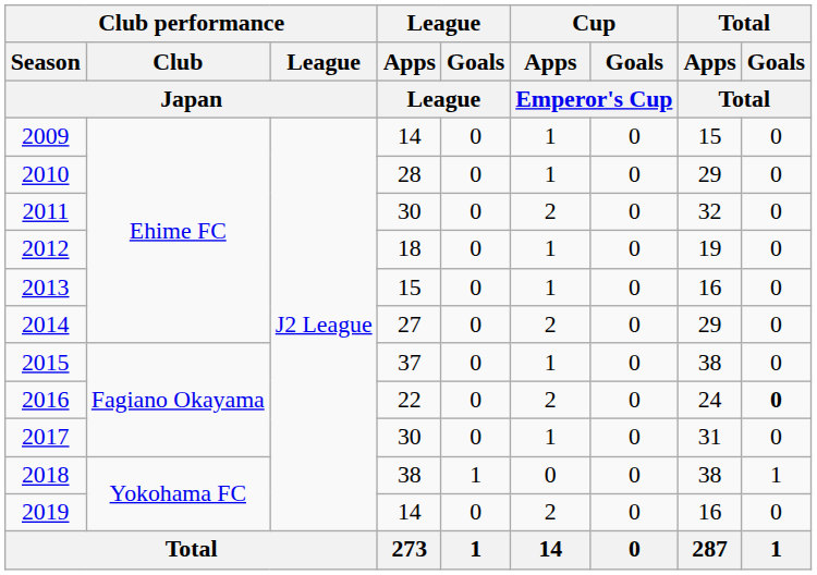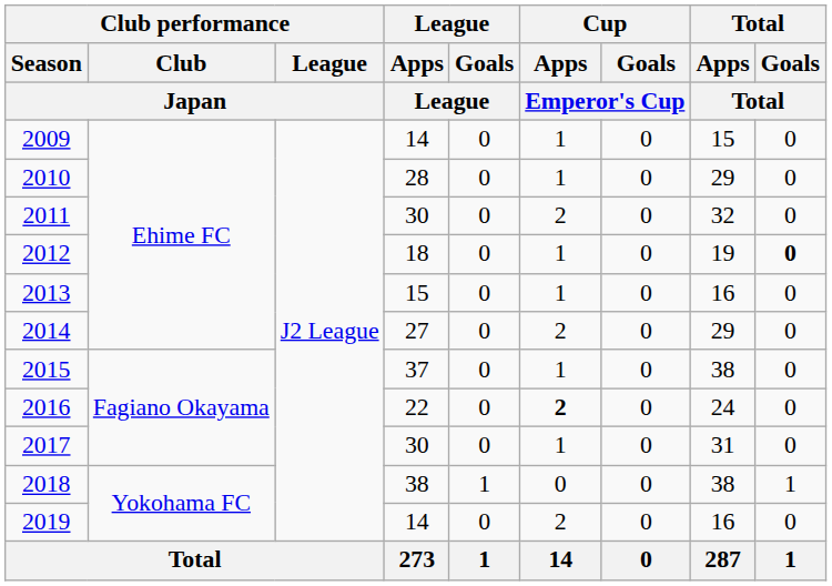 <table class="wikitable" style="text-align:center;">
 <tr>
 <th colspan=3>Club performance</th>
 <th colspan=2>League</th>
 <th colspan=2>Cup</th>
 <th colspan=2>Total</th>
 </tr>
 <tr>
 <th>Season</th>
 <th>Club</th>
 <th>League</th>
 <th>Apps</th>
 <th>Goals</th>
 <th>Apps</th>
 <th>Goals</th>
 <th>Apps</th>
 <th>Goals</th>
 </tr>
 <tr>
 <th colspan=3>Japan</th>
 <th colspan=2>League</th>
 <th colspan=2><a href='#'>Emperor's Cup</a></th>
 <th colspan=2>Total</th>
 </tr>
 <tr>
 <td><a href='#'>2009</a></td>
 <td rowspan="6"><a href='#'>Ehime FC</a></td>
 <td rowspan="11"><a href='#'>J2 League</a></td>
 <td>14</td>
 <td>0</td>
 <td>1</td>
 <td>0</td>
 <td>15</td>
 <td>0</td>
 </tr>
 <tr>
 <td><a href='#'>2010</a></td>
 <td>28</td>
 <td>0</td>
 <td>1</td>
 <td>0</td>
 <td>29</td>
 <td>0</td>
 </tr>
 <tr>
 <td><a href='#'>2011</a></td>
 <td>30</td>
 <td>0</td>
 <td>2</td>
 <td>0</td>
 <td>32</td>
 <td>0</td>
 </tr>
 <tr>
 <td><a href='#'>2012</a></td>
 <td>18</td>
 <td>0</td>
 <td>1</td>
 <td>0</td>
 <td>19</td>
-<td>0</td>
+<td><strong>0</strong></td>
 </tr>
 <tr>
 <td><a href='#'>2013</a></td>
 <td>15</td>
 <td>0</td>
 <td>1</td>
 <td>0</td>
 <td>16</td>
 <td>0</td>
 </tr>
 <tr>
 <td><a href='#'>2014</a></td>
 <td>27</td>
 <td>0</td>
 <td>2</td>
 <td>0</td>
 <td>29</td>
 <td>0</td>
 </tr>
 <tr>
 <td><a href='#'>2015</a></td>
 <td rowspan="3"><a href='#'>Fagiano Okayama</a></td>
 <td>37</td>
 <td>0</td>
 <td>1</td>
 <td>0</td>
 <td>38</td>
 <td>0</td>
 </tr>
 <tr>
 <td><a href='#'>2016</a></td>
 <td>22</td>
 <td>0</td>
-<td>2</td>
+<td><strong>2</strong></td>
 <td>0</td>
 <td>24</td>
-<td><strong>0</strong></td>
+<td>0</td>
 </tr>
 <tr>
 <td><a href='#'>2017</a></td>
 <td>30</td>
 <td>0</td>
 <td>1</td>
 <td>0</td>
 <td>31</td>
 <td>0</td>
 </tr>
 <tr>
 <td><a href='#'>2018</a></td>
 <td rowspan="2"><a href='#'>Yokohama FC</a></td>
 <td>38</td>
 <td>1</td>
 <td>0</td>
 <td>0</td>
 <td>38</td>
 <td>1</td>
 </tr>
 <tr>
 <td><a href='#'>2019</a></td>
 <td>14</td>
 <td>0</td>
 <td>2</td>
 <td>0</td>
 <td>16</td>
 <td>0</td>
 </tr>
 <tr>
 <th colspan=3>Total</th>
 <th>273</th>
 <th>1</th>
 <th>14</th>
 <th>0</th>
 <th>287</th>
 <th>1</th>
 </tr>
 </table>
